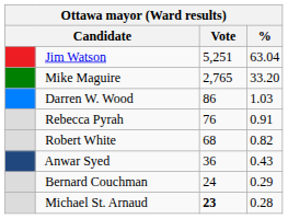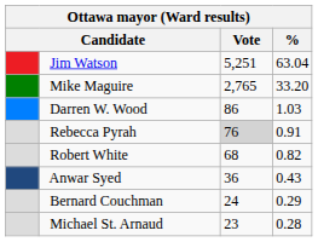 <table class="wikitable">
 <tr>
 <th colspan="4">Ottawa mayor (Ward results)</th>
 </tr>
 <tr>
 <th bgcolor="#DDDDFF" width="230px" colspan="2">Candidate</th>
 <th bgcolor="#DDDDFF" width="50px">Vote</th>
 <th bgcolor="#DDDDFF" width="30px">%</th>
 </tr>
 <tr>
 <td bgcolor=#ED1D24 width="30px"> </td>
 <td>  <a href='#'>Jim Watson</a></td>
 <td>5,251</td>
 <td>63.04</td>
 </tr>
 <tr>
 <td bgcolor=#008000 width="30px"> </td>
 <td>  Mike Maguire</td>
 <td>2,765</td>
 <td>33.20</td>
 </tr>
 <tr>
 <td bgcolor=#007FFF width="30px"> </td>
 <td>  Darren W. Wood</td>
 <td>86</td>
 <td>1.03</td>
 </tr>
 <tr>
 <td bgcolor=#DCDCDC width="30px"> </td>
 <td>  Rebecca Pyrah</td>
-<td>76</td>
+<td style="background: lightgrey;">76</td>
 <td>0.91</td>
 </tr>
 <tr>
 <td bgcolor=#DCDCDC width="30px"> </td>
 <td>  Robert White</td>
 <td>68</td>
 <td>0.82</td>
 </tr>
 <tr>
 <td bgcolor=#20487E width="30px"> </td>
 <td>  Anwar Syed</td>
 <td>36</td>
 <td>0.43</td>
 </tr>
 <tr>
 <td bgcolor=#DCDCDC width="30px"> </td>
 <td>  Bernard Couchman</td>
 <td>24</td>
 <td>0.29</td>
 </tr>
 <tr>
 <td bgcolor=#DCDCDC width="30px"> </td>
 <td>  Michael St. Arnaud</td>
-<td><strong>23</strong></td>
+<td>23</td>
 <td>0.28</td>
 </tr>
 </table>
